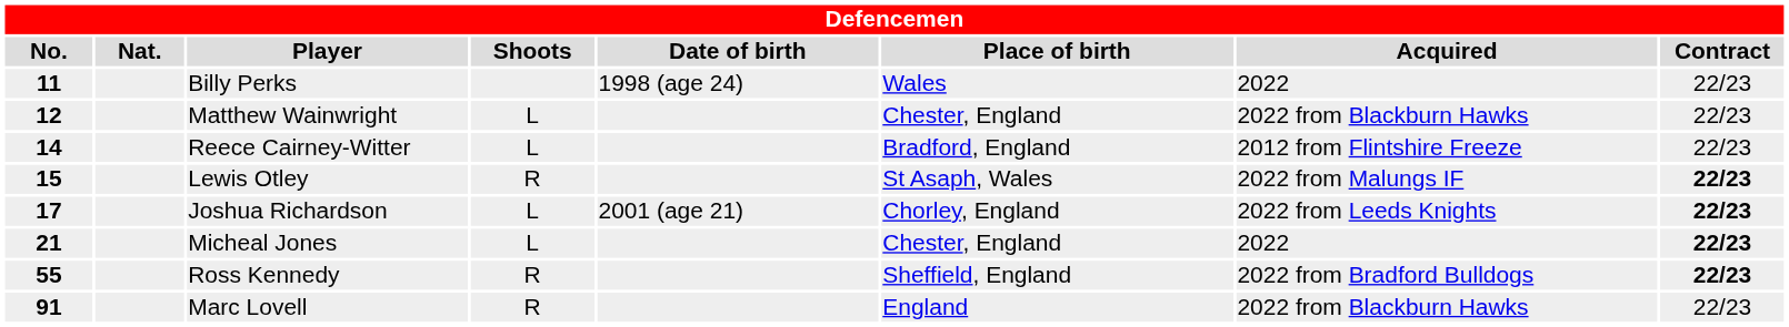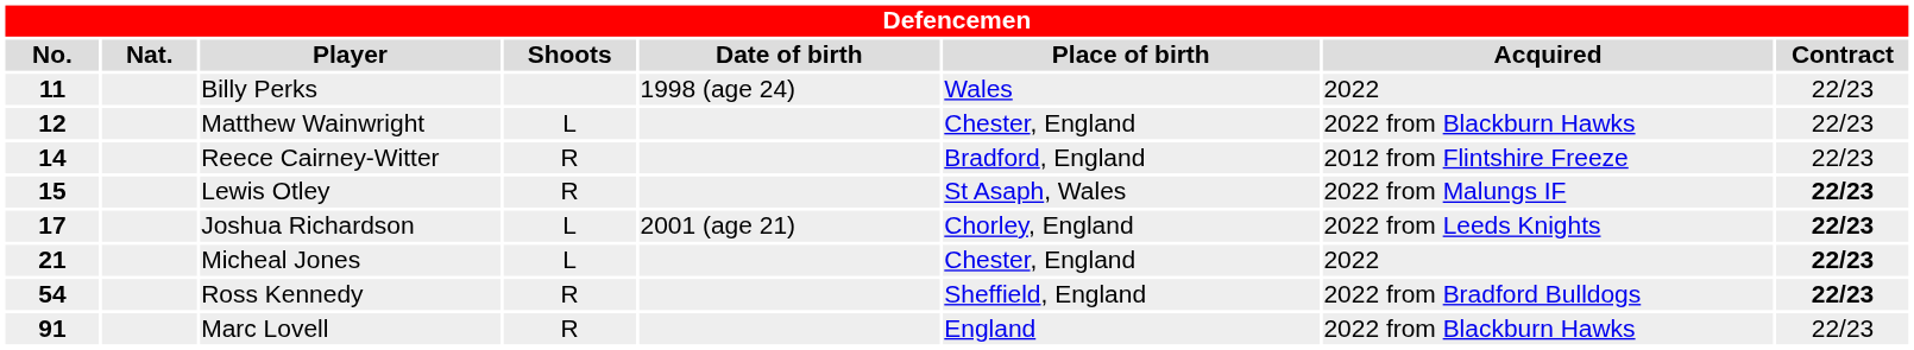 <table class="toccolours"  style="width:97%; clear:both; margin:1.5em auto; text-align:center;">
 <tr style="background:#ddd;">
 <th colspan="11" style="background:red; color:white;”">Defencemen</th>
 </tr>
 <tr style="background:#ddd;">
 <th width=5%>No.</th>
 <th width=5%>Nat.</th>
 <th !width=22%>Player</th>
 <th width=7%>Shoots</th>
 <th width=16%>Date of birth</th>
 <th width=20%>Place of birth</th>
 <th width=24%>Acquired</th>
 <td><strong>Contract</strong></td>
 </tr>
 <tr style="background:#eee;">
 <td><strong>11</strong></td>
 <td></td>
 <td align=left>Billy Perks</td>
 <td></td>
 <td align=left>1998 (age 24)</td>
 <td align=left><a href='#'>Wales</a></td>
 <td align=left>2022</td>
 <td>22/23</td>
 </tr>
 <tr style="background:#eee;">
 <td><strong>12</strong></td>
 <td></td>
 <td align=left>Matthew Wainwright</td>
 <td>L</td>
 <td align=left></td>
 <td align=left><a href='#'>Chester</a>, England</td>
 <td align=left>2022 from <a href='#'>Blackburn Hawks</a></td>
 <td>22/23</td>
 </tr>
 <tr style="background:#eee;">
 <td><strong>14</strong></td>
 <td></td>
 <td align=left>Reece Cairney-Witter</td>
-<td>L</td>
+<td>R</td>
 <td align=left></td>
 <td align=left><a href='#'>Bradford</a>, England</td>
 <td align=left>2012 from <a href='#'>Flintshire Freeze</a></td>
 <td>22/23</td>
 </tr>
 <tr style="background:#eee;">
 <td><strong>15</strong></td>
 <td></td>
 <td align=left>Lewis Otley</td>
 <td>R</td>
 <td align=left></td>
 <td align=left><a href='#'>St Asaph</a>, Wales</td>
 <td align=left>2022 from <a href='#'>Malungs IF</a></td>
 <td><strong>22/23</strong></td>
 </tr>
 <tr style="background:#eee;">
 <td><strong>17</strong></td>
 <td></td>
 <td align=left>Joshua Richardson</td>
 <td>L</td>
 <td align=left>2001 (age 21)</td>
 <td align=left><a href='#'>Chorley</a>, England</td>
 <td align=left>2022 from <a href='#'>Leeds Knights</a></td>
 <td><strong>22/23</strong></td>
 </tr>
 <tr style="background:#eee;">
 <td><strong>21</strong></td>
 <td></td>
 <td align=left>Micheal Jones</td>
 <td>L</td>
 <td align=left></td>
 <td align=left><a href='#'>Chester</a>, England</td>
 <td align=left>2022</td>
 <td><strong>22/23</strong></td>
 </tr>
 <tr style="background:#eee;">
-<td><strong>55</strong></td>
+<td><strong>54</strong></td>
 <td></td>
 <td align=left>Ross Kennedy</td>
 <td>R</td>
 <td align=left></td>
 <td align=left><a href='#'>Sheffield</a>, England</td>
 <td align=left>2022 from <a href='#'>Bradford Bulldogs</a></td>
 <td><strong>22/23</strong></td>
 </tr>
 <tr style="background:#eee;">
 <td><strong>91</strong></td>
 <td></td>
 <td align=left>Marc Lovell</td>
 <td>R</td>
 <td align=left></td>
 <td align=left><a href='#'>England</a></td>
 <td align=left>2022 from <a href='#'>Blackburn Hawks</a></td>
 <td>22/23</td>
 </tr>
 </table>
